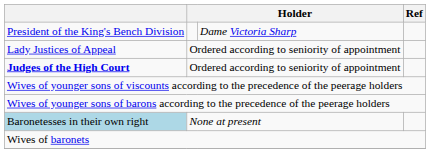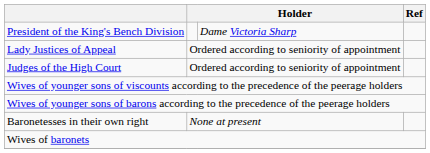 <table class="wikitable">
 <tr>
 <th></th>
 <th colspan=3>Holder</th>
 <th>Ref</th>
 </tr>
 <tr>
 <td><a href='#'>President of the King's Bench Division</a></td>
 <td style="background: "></td>
 <td colspan=2><em>Dame <a href='#'>Victoria Sharp</a></em></td>
 <td></td>
 </tr>
 <tr>
 <td><a href='#'>Lady Justices of Appeal</a></td>
 <td colspan=3>Ordered according to seniority of appointment</td>
 <td></td>
 </tr>
 <tr>
-<td><strong><a href='#'>Judges of the High Court</a></strong></td>
+<td><a href='#'>Judges of the High Court</a></td>
 <td colspan=3>Ordered according to seniority of appointment</td>
 <td></td>
 </tr>
 <tr>
 <td colspan=5><a href='#'>Wives of younger sons of viscounts</a> according to the precedence of the peerage holders</td>
 </tr>
 <tr>
 <td colspan=5><a href='#'>Wives of younger sons of barons</a> according to the precedence of the peerage holders</td>
 </tr>
 <tr>
-<td style="background: lightblue;">Baronetesses in their own right</td>
+<td>Baronetesses in their own right</td>
 <td colspan=3><em>None at present</em></td>
 <td></td>
 </tr>
 <tr>
 <td colspan=5>Wives of <a href='#'>baronets</a></td>
 </tr>
 <tr>
 </tr>
 </table>
